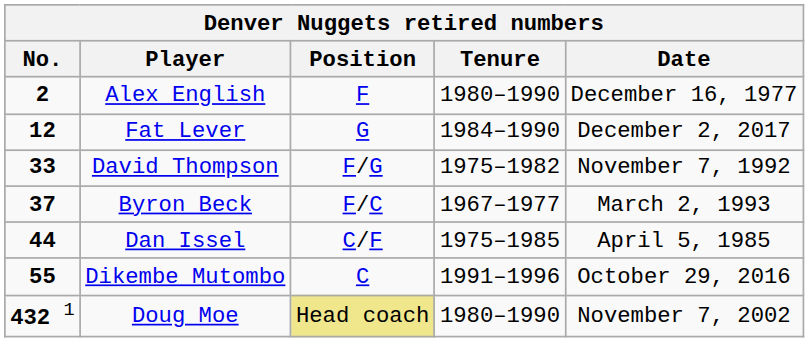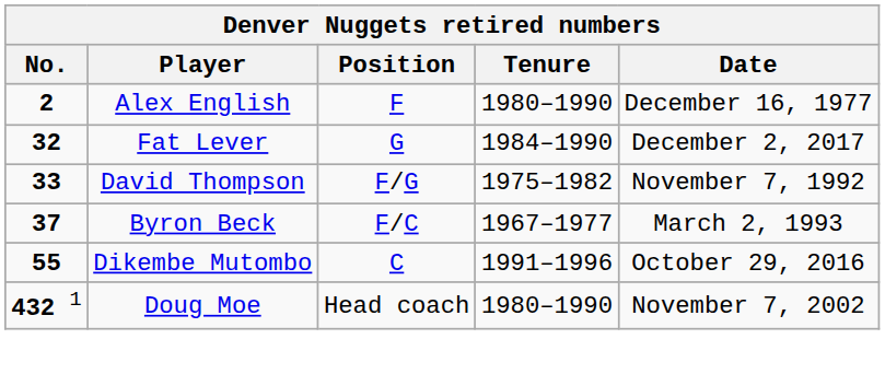 <table class="wikitable" style="text-align:center">
 <tr>
 <th colspan="5">Denver Nuggets retired numbers</th>
 </tr>
 <tr>
 <th>No.</th>
 <th>Player</th>
 <th>Position</th>
 <th>Tenure</th>
 <th>Date</th>
 </tr>
 <tr>
 <td><strong>2</strong></td>
 <td><a href='#'>Alex English</a></td>
 <td><a href='#'>F</a></td>
 <td>1980–1990</td>
 <td>December 16, 1977</td>
 </tr>
 <tr>
-<td><strong>12</strong></td>
+<td><strong>32</strong></td>
 <td><a href='#'>Fat Lever</a></td>
 <td><a href='#'>G</a></td>
 <td>1984–1990</td>
 <td>December 2, 2017</td>
 </tr>
 <tr>
 <td><strong>33</strong></td>
 <td><a href='#'>David Thompson</a></td>
 <td><a href='#'>F</a>/<a href='#'>G</a></td>
 <td>1975–1982</td>
 <td>November 7, 1992</td>
 </tr>
 <tr>
 <td><strong>37</strong></td>
 <td><a href='#'>Byron Beck</a></td>
 <td><a href='#'>F</a>/<a href='#'>C</a></td>
 <td>1967–1977</td>
 <td>March 2, 1993</td>
 </tr>
 <tr>
-<td><strong>44</strong></td>
-<td><a href='#'>Dan Issel</a></td>
-<td><a href='#'>C</a>/<a href='#'>F</a></td>
-<td>1975–1985</td>
-<td>April 5, 1985</td>
-</tr>
-<tr>
 <td><strong>55</strong></td>
 <td><a href='#'>Dikembe Mutombo</a></td>
 <td><a href='#'>C</a></td>
 <td>1991–1996</td>
 <td>October 29, 2016</td>
 </tr>
 <tr>
 <td><strong>432</strong> <sup>1</sup></td>
 <td><a href='#'>Doug Moe</a></td>
-<td style="background: khaki;">Head coach</td>
+<td>Head coach</td>
 <td>1980–1990</td>
 <td>November 7, 2002</td>
 </tr>
 </table>
